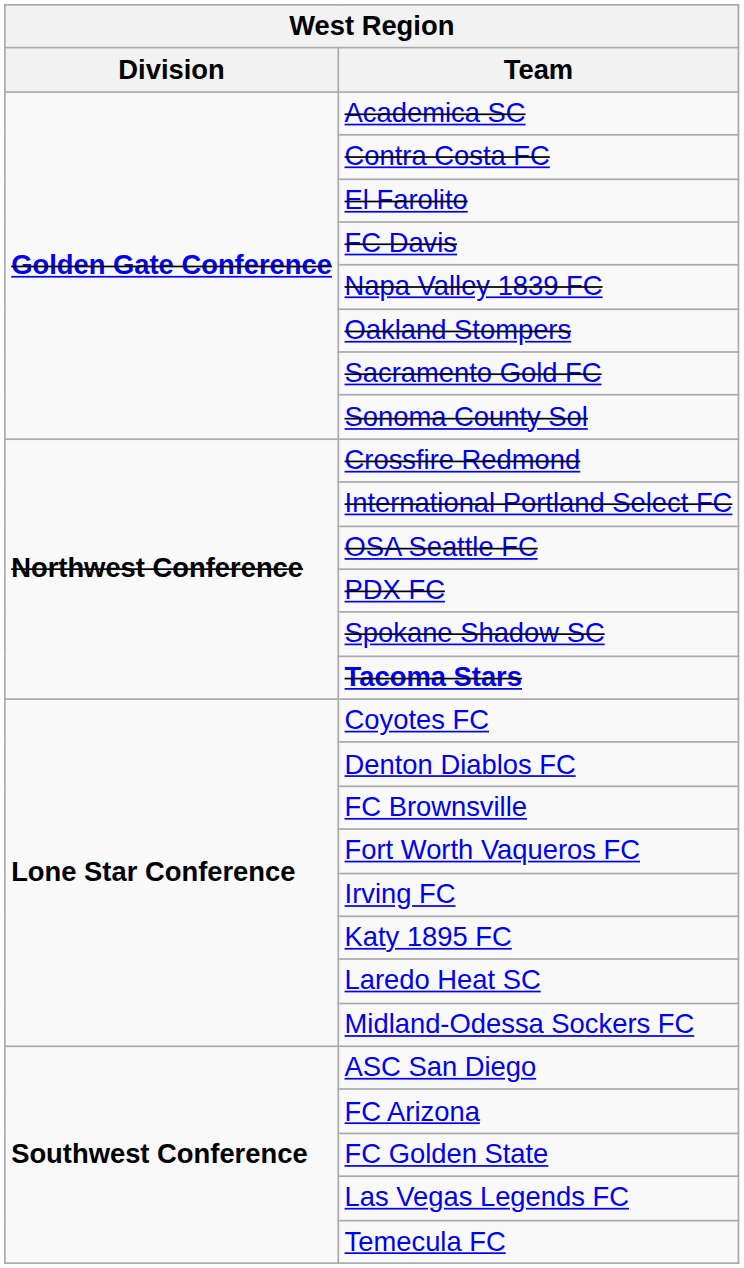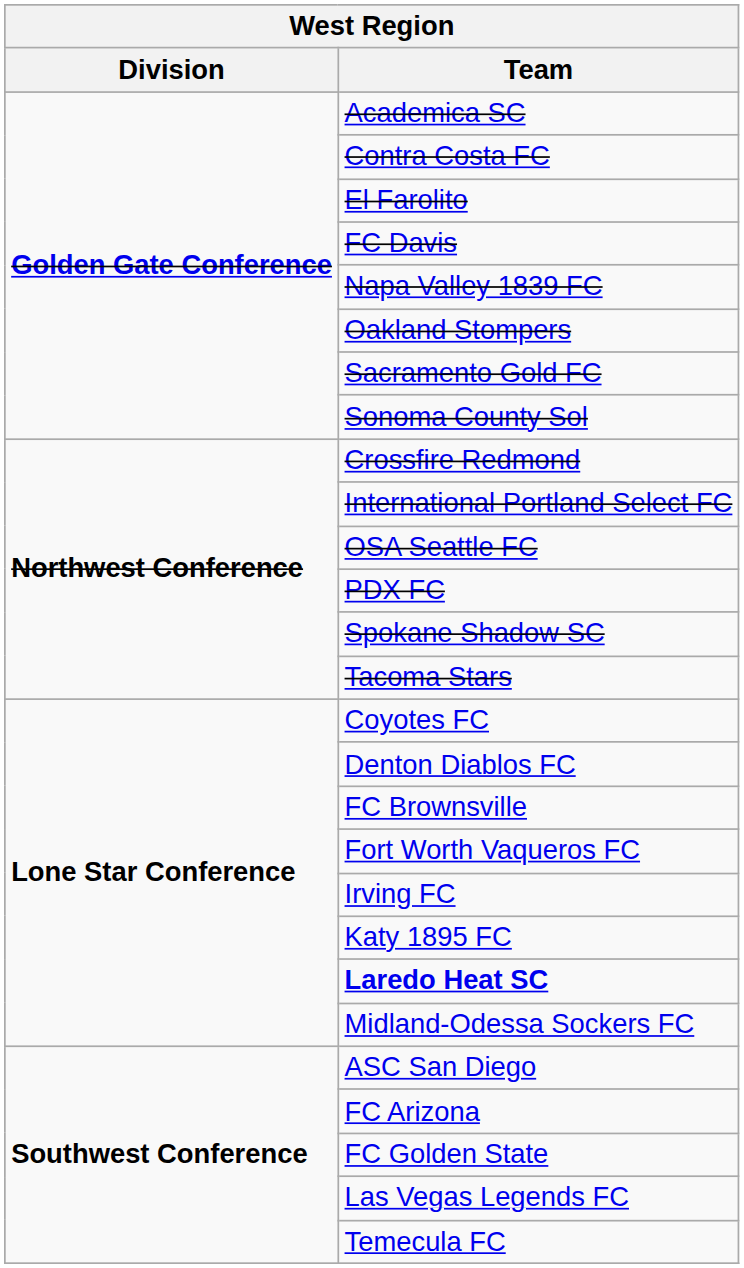 <table class="wikitable" style="text-align:left">
 <tr>
 <th colspan=2>West Region</th>
 </tr>
 <tr>
 <th>Division</th>
 <th>Team</th>
 </tr>
 <tr>
 <td rowspan=8><s><strong><a href='#'>Golden Gate Conference</a></strong></s></td>
 <td><s><a href='#'>Academica SC</a></s></td>
 </tr>
 <tr>
 <td><s><a href='#'>Contra Costa FC</a></s></td>
 </tr>
 <tr>
 <td><s><a href='#'>El Farolito</a></s></td>
 </tr>
 <tr>
 <td><s><a href='#'>FC Davis</a></s></td>
 </tr>
 <tr>
 <td><s><a href='#'>Napa Valley 1839 FC</a></s></td>
 </tr>
 <tr>
 <td><s><a href='#'>Oakland Stompers</a></s></td>
 </tr>
 <tr>
 <td><s><a href='#'>Sacramento Gold FC</a></s></td>
 </tr>
 <tr>
 <td><s><a href='#'>Sonoma County Sol</a></s></td>
 </tr>
 <tr>
 <td rowspan=6><s><strong>Northwest Conference</strong></s></td>
 <td><s><a href='#'>Crossfire Redmond</a></s></td>
 </tr>
 <tr>
 <td><s><a href='#'>International Portland Select FC</a></s></td>
 </tr>
 <tr>
 <td><s><a href='#'>OSA Seattle FC</a></s></td>
 </tr>
 <tr>
 <td><s><a href='#'>PDX FC</a></s></td>
 </tr>
 <tr>
 <td><s><a href='#'>Spokane Shadow SC</a></s></td>
 </tr>
 <tr>
-<td><strong><s><a href='#'>Tacoma Stars</a></s></strong></td>
+<td><s><a href='#'>Tacoma Stars</a></s></td>
 </tr>
 <tr>
 <td rowspan=8><strong>Lone Star Conference</strong></td>
 <td><a href='#'>Coyotes FC</a></td>
 </tr>
 <tr>
 <td><a href='#'>Denton Diablos FC</a></td>
 </tr>
 <tr>
 <td><a href='#'>FC Brownsville</a></td>
 </tr>
 <tr>
 <td><a href='#'>Fort Worth Vaqueros FC</a></td>
 </tr>
 <tr>
 <td><a href='#'>Irving FC</a></td>
 </tr>
 <tr>
 <td><a href='#'>Katy 1895 FC</a></td>
 </tr>
 <tr>
-<td><a href='#'>Laredo Heat SC</a></td>
+<td><strong><a href='#'>Laredo Heat SC</a></strong></td>
 </tr>
 <tr>
 <td><a href='#'>Midland-Odessa Sockers FC</a></td>
 </tr>
 <tr>
 <td rowspan=5><strong>Southwest Conference</strong></td>
 <td><a href='#'>ASC San Diego</a></td>
 </tr>
 <tr>
 <td><a href='#'>FC Arizona</a></td>
 </tr>
 <tr>
 <td><a href='#'>FC Golden State</a></td>
 </tr>
 <tr>
 <td><a href='#'>Las Vegas Legends FC</a></td>
 </tr>
 <tr>
 <td><a href='#'>Temecula FC</a></td>
 </tr>
 <tr>
 </tr>
 </table>
